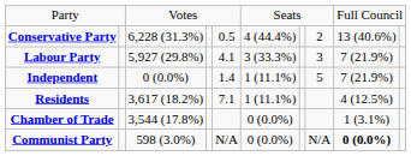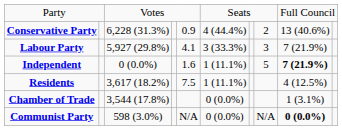 <table class=wikitable style="text-align:center;">
 <tr>
 <td colspan=2>Party</td>
 <td colspan=3>Votes</td>
 <td colspan=3>Seats</td>
 <td colspan=3>Full Council</td>
 </tr>
 <tr>
 <td><strong><a href='#'>Conservative Party</a></strong></td>
 <td style="background:"></td>
 <td>6,228 (31.3%)</td>
 <td></td>
-<td> 0.5</td>
+<td> 0.9</td>
 <td>4 (44.4%)</td>
 <td></td>
 <td> 2</td>
 <td>13 (40.6%)</td>
 <td></td>
 </tr>
 <tr>
 <td><strong><a href='#'>Labour Party</a></strong></td>
 <td style="background:"></td>
 <td>5,927 (29.8%)</td>
 <td></td>
 <td> 4.1</td>
 <td>3 (33.3%)</td>
 <td></td>
 <td> 3</td>
 <td>7 (21.9%)</td>
 <td></td>
 </tr>
 <tr>
 <td><strong><a href='#'>Independent</a></strong></td>
 <td style="background:"></td>
 <td>0 (0.0%)</td>
 <td></td>
-<td> 1.4</td>
+<td> 1.6</td>
 <td>1 (11.1%)</td>
 <td></td>
 <td> 5</td>
-<td>7 (21.9%)</td>
+<td><strong>7 (21.9%)</strong></td>
 <td></td>
 </tr>
 <tr>
 <td><strong><a href='#'>Residents</a></strong></td>
 <td style="background:"></td>
 <td>3,617 (18.2%)</td>
 <td></td>
-<td> 7.1</td>
+<td> 7.5</td>
 <td>1 (11.1%)</td>
 <td></td>
 <td></td>
 <td>4 (12.5%)</td>
 <td></td>
 </tr>
 <tr>
 <td><strong><a href='#'>Chamber of Trade</a></strong></td>
 <td style="background:"></td>
 <td>3,544 (17.8%)</td>
 <td></td>
 <td></td>
 <td>0 (0.0%)</td>
 <td></td>
 <td></td>
 <td>1 (3.1%)</td>
 <td></td>
 </tr>
 <tr>
 <td><strong><a href='#'>Communist Party</a></strong></td>
 <td style="background:"></td>
 <td>598 (3.0%)</td>
 <td></td>
 <td>N/A</td>
 <td>0 (0.0%)</td>
 <td></td>
 <td>N/A</td>
 <td><strong>0 (0.0%)</strong></td>
 <td></td>
 </tr>
 </table>
